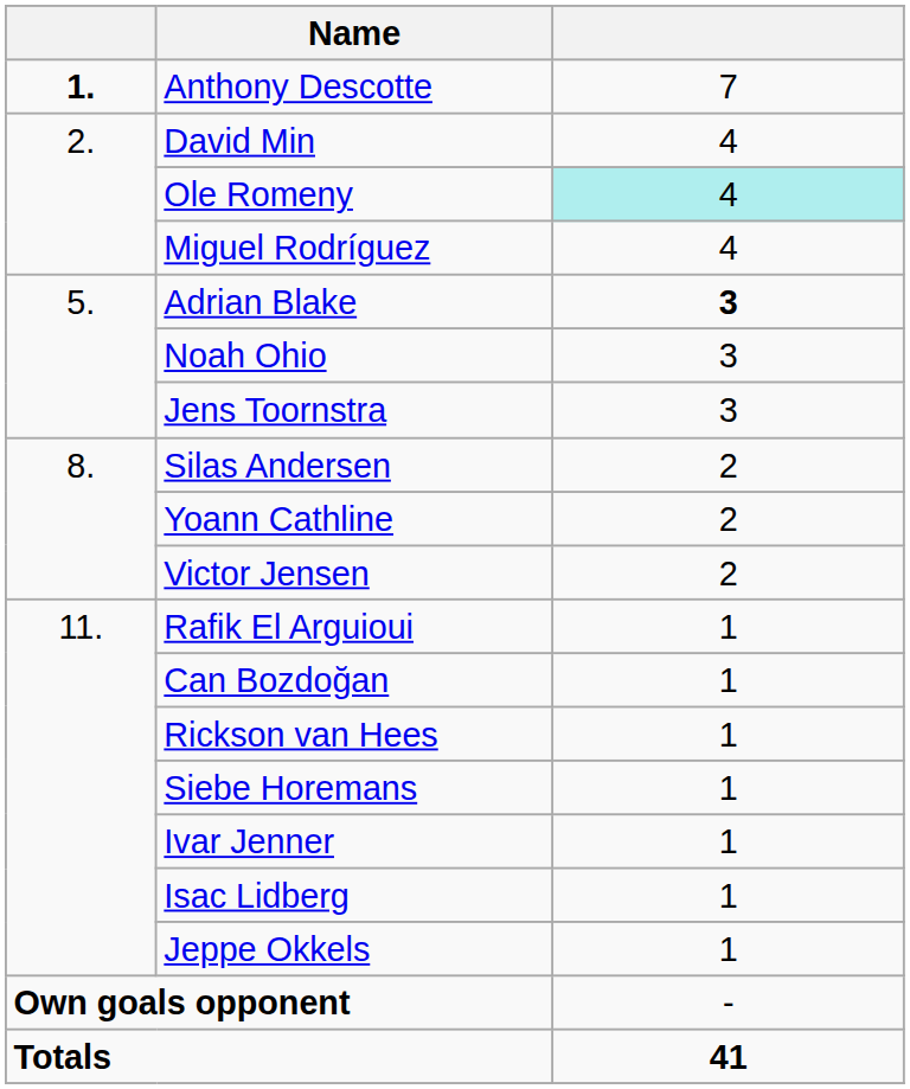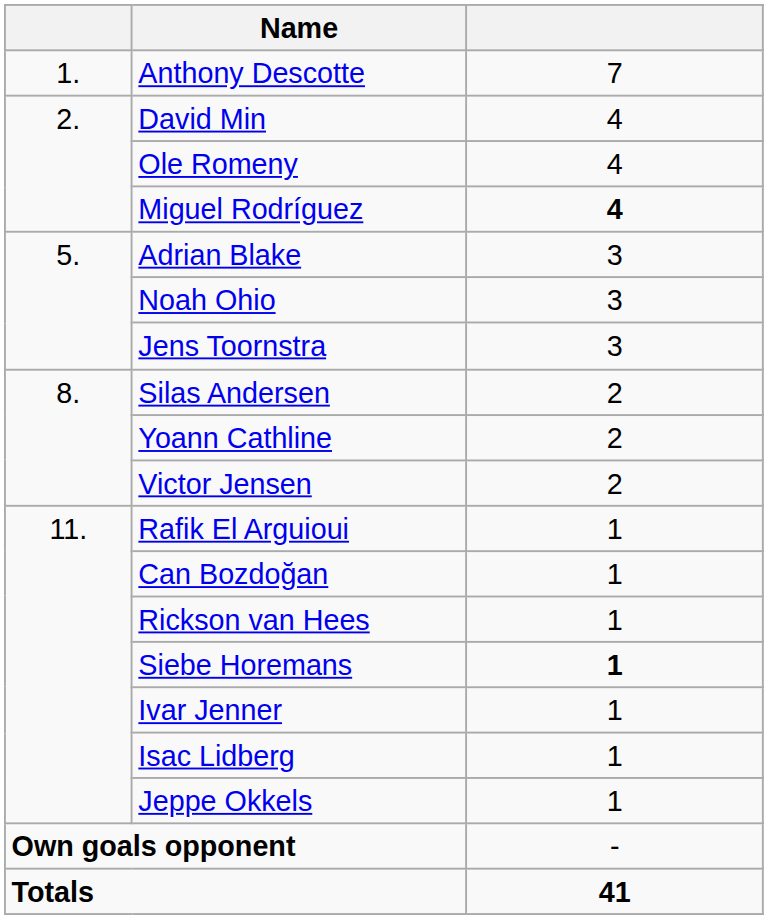 <table class="wikitable" style="font-size: 95%; text-align: center;">
 <tr>
 <th style="width: 60px;"></th>
 <th style="width: 170px;">Name</th>
 <th style="width: 150px;"></th>
 </tr>
 <tr>
-<td rowspan="1" style="vertical-align: top;"><strong>1.</strong></td>
+<td rowspan="1" style="vertical-align: top;">1.</td>
 <td style="text-align: left;"><strong></strong> <a href='#'>Anthony Descotte</a></td>
 <td>7</td>
 </tr>
 <tr>
 <td rowspan="3" style="vertical-align: top;">2.</td>
 <td style="text-align: left;"><strong></strong> <a href='#'>David Min</a></td>
 <td>4</td>
 </tr>
 <tr>
 <td style="text-align: left;"><strong></strong> <a href='#'>Ole Romeny</a></td>
-<td style="background: paleturquoise;">4</td>
+<td>4</td>
 </tr>
 <tr>
 <td style="text-align: left;"><strong></strong> <a href='#'>Miguel Rodríguez</a></td>
-<td>4</td>
+<td><strong>4</strong></td>
 </tr>
 <tr>
 <td rowspan="3" style="vertical-align: top;">5.</td>
 <td style="text-align: left;"><strong></strong> <a href='#'>Adrian Blake</a></td>
-<td><strong>3</strong></td>
+<td>3</td>
 </tr>
 <tr>
 <td style="text-align: left;"><strong></strong> <a href='#'>Noah Ohio</a></td>
 <td>3</td>
 </tr>
 <tr>
 <td style="text-align: left;"><strong></strong> <a href='#'>Jens Toornstra</a></td>
 <td>3</td>
 </tr>
 <tr>
 <td rowspan="3" style="vertical-align: top;">8.</td>
 <td style="text-align: left;"><strong></strong> <a href='#'>Silas Andersen</a></td>
 <td>2</td>
 </tr>
 <tr>
 <td style="text-align: left;"><strong></strong> <a href='#'>Yoann Cathline</a></td>
 <td>2</td>
 </tr>
 <tr>
 <td style="text-align: left;"><strong></strong> <a href='#'>Victor Jensen</a></td>
 <td>2</td>
 </tr>
 <tr>
 <td rowspan="7" style="vertical-align: top;">11.</td>
 <td style="text-align: left;"><strong></strong> <a href='#'>Rafik El Arguioui</a></td>
 <td>1</td>
 </tr>
 <tr>
 <td style="text-align: left;"><strong></strong> <a href='#'>Can Bozdoğan</a></td>
 <td>1</td>
 </tr>
 <tr>
 <td style="text-align: left;"><strong></strong> <a href='#'>Rickson van Hees</a></td>
 <td>1</td>
 </tr>
 <tr>
 <td style="text-align: left;"><strong></strong> <a href='#'>Siebe Horemans</a></td>
-<td>1</td>
+<td><strong>1</strong></td>
 </tr>
 <tr>
 <td style="text-align: left;"><strong></strong> <a href='#'>Ivar Jenner</a></td>
 <td>1</td>
 </tr>
 <tr>
 <td style="text-align: left;"><strong></strong> <a href='#'>Isac Lidberg</a></td>
 <td>1</td>
 </tr>
 <tr>
 <td style="text-align: left;"><strong></strong> <a href='#'>Jeppe Okkels</a></td>
 <td>1</td>
 </tr>
 <tr>
 <td colspan="2" style="text-align: left;"><strong>Own goals opponent</strong></td>
 <td>-</td>
 </tr>
 <tr>
 <td colspan="2" style="text-align: left;"><strong>Totals</strong></td>
 <td><strong>41</strong></td>
 </tr>
 </table>
